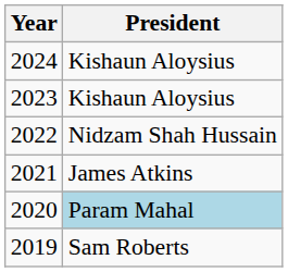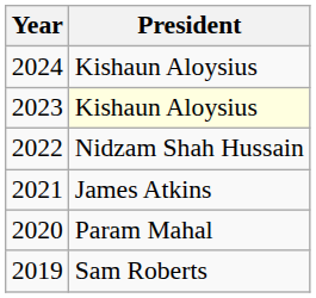 <table class="wikitable">
 <tr>
 <th>Year</th>
 <th>President</th>
 </tr>
 <tr>
 <td>2024</td>
 <td>Kishaun Aloysius</td>
 </tr>
 <tr>
 <td>2023</td>
-<td>Kishaun Aloysius</td>
+<td style="background: lightyellow;">Kishaun Aloysius</td>
 </tr>
 <tr>
 <td>2022</td>
 <td>Nidzam Shah Hussain</td>
 </tr>
 <tr>
 <td>2021</td>
 <td>James Atkins</td>
 </tr>
 <tr>
 <td>2020</td>
-<td style="background: lightblue;">Param Mahal</td>
+<td>Param Mahal</td>
 </tr>
 <tr>
 <td>2019</td>
 <td>Sam Roberts</td>
 </tr>
 </table>
